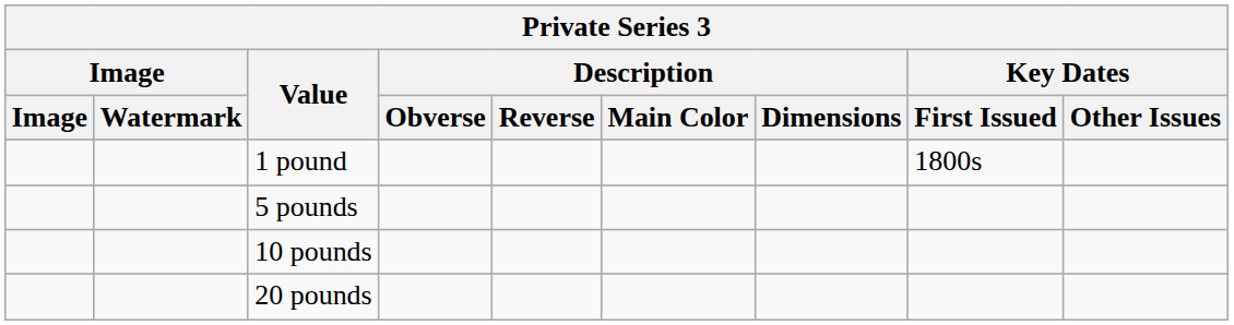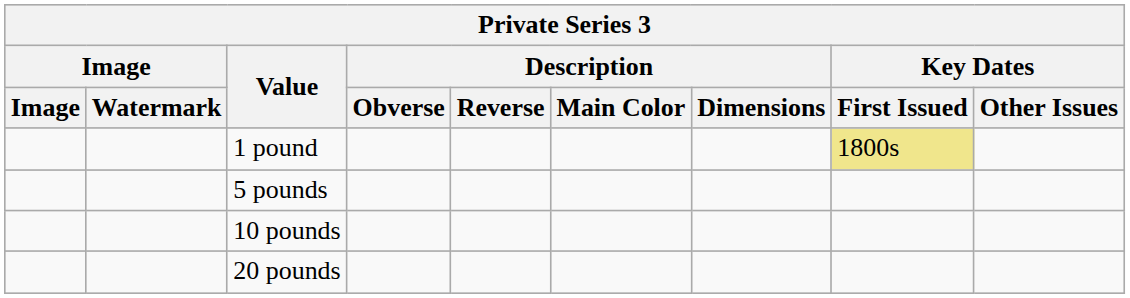 <table class="wikitable" style="font-size: 100%">
 <tr>
 <th colspan="10">Private Series 3</th>
 </tr>
 <tr>
 <th colspan="2">Image</th>
 <th rowspan="2">Value</th>
 <th colspan="4">Description</th>
 <th colspan="2">Key Dates</th>
 </tr>
 <tr>
 <th>Image</th>
 <th>Watermark</th>
 <th>Obverse</th>
 <th>Reverse</th>
 <th>Main Color</th>
 <th>Dimensions</th>
 <th>First Issued</th>
 <th>Other Issues</th>
 </tr>
 <tr>
 <td></td>
 <td></td>
 <td>1 pound</td>
 <td></td>
 <td></td>
 <td></td>
 <td></td>
-<td>1800s</td>
+<td style="background: khaki;">1800s</td>
 <td></td>
 </tr>
 <tr>
 <td></td>
 <td></td>
 <td>5 pounds</td>
 <td></td>
 <td></td>
 <td></td>
 <td></td>
 <td></td>
 <td></td>
 </tr>
 <tr>
 <td></td>
 <td></td>
 <td>10 pounds</td>
 <td></td>
 <td></td>
 <td></td>
 <td></td>
 <td></td>
 <td></td>
 </tr>
 <tr>
 <td></td>
 <td></td>
 <td>20 pounds</td>
 <td></td>
 <td></td>
 <td></td>
 <td></td>
 <td></td>
 <td></td>
 </tr>
 </table>
